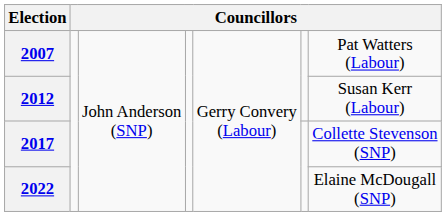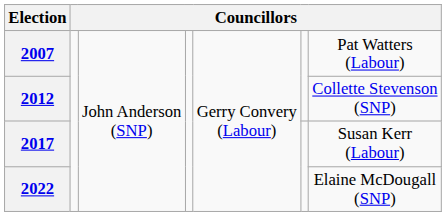 <table class="wikitable" style="text-align:center">
 <tr>
 <th>Election</th>
 <th colspan=8>Councillors</th>
 </tr>
 <tr>
 <th><a href='#'>2007</a></th>
 <td rowspan=4; style="background-color: "></td>
 <td rowspan=4>John Anderson<br>(<a href='#'>SNP</a>)</td>
 <td rowspan=4; style="background-color: "></td>
 <td rowspan=4>Gerry Convery<br>(<a href='#'>Labour</a>)</td>
 <td rowspan=2; style="background-color: "></td>
 <td rowspan=1>Pat Watters<br>(<a href='#'>Labour</a>)</td>
 </tr>
 <tr>
 <th><a href='#'>2012</a></th>
-<td rowspan=1>Susan Kerr<br>(<a href='#'>Labour</a>)</td>
+<td rowspan=1><a href='#'>Collette Stevenson</a><br>(<a href='#'>SNP</a>)</td>
 </tr>
 <tr>
 <th><a href='#'>2017</a></th>
 <td rowspan=2; style="background-color: "></td>
-<td rowspan=1><a href='#'>Collette Stevenson</a><br>(<a href='#'>SNP</a>)</td>
+<td rowspan=1>Susan Kerr<br>(<a href='#'>Labour</a>)</td>
 </tr>
 <tr>
 <th><a href='#'>2022</a></th>
 <td rowspan=1>Elaine McDougall<br>(<a href='#'>SNP</a>)</td>
 </tr>
 </table>
